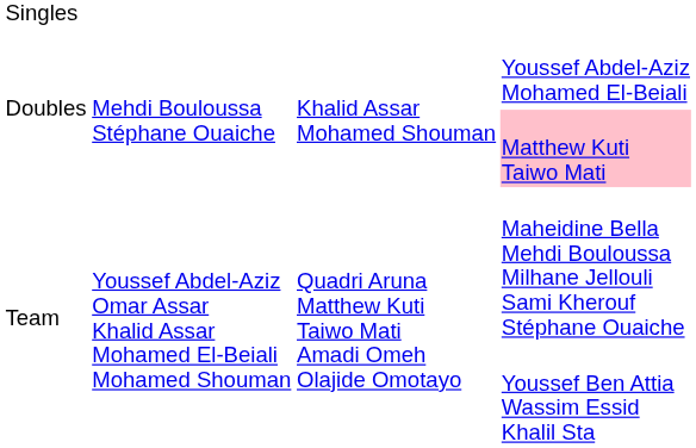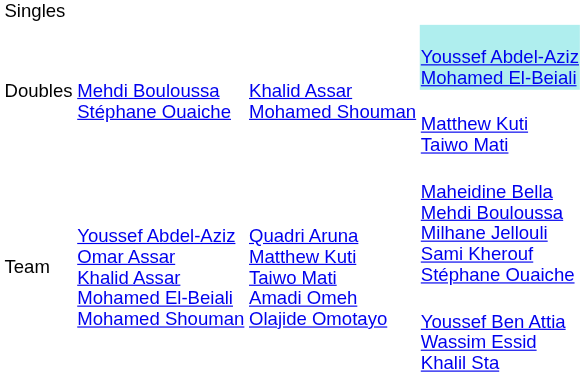 <table>
 <tr>
 <td rowspan=2>Singles<br></td>
 <td rowspan=2></td>
 <td rowspan=2></td>
 <td></td>
 </tr>
 <tr>
 <td></td>
 </tr>
 <tr>
 <td rowspan=2>Doubles<br></td>
 <td rowspan=2><br><a href='#'>Mehdi Bouloussa</a><br><a href='#'>Stéphane Ouaiche</a></td>
 <td rowspan=2><br><a href='#'>Khalid Assar</a><br><a href='#'>Mohamed Shouman</a></td>
-<td><br><a href='#'>Youssef Abdel-Aziz</a><br><a href='#'>Mohamed El-Beiali</a></td>
+<td style="background: paleturquoise;"><br><a href='#'>Youssef Abdel-Aziz</a><br><a href='#'>Mohamed El-Beiali</a></td>
 </tr>
 <tr>
-<td style="background: pink;"><br><a href='#'>Matthew Kuti</a><br><a href='#'>Taiwo Mati</a></td>
+<td><br><a href='#'>Matthew Kuti</a><br><a href='#'>Taiwo Mati</a></td>
 </tr>
 <tr>
 <td rowspan=2>Team<br></td>
 <td rowspan=2><br><a href='#'>Youssef Abdel-Aziz</a><br><a href='#'>Omar Assar</a><br><a href='#'>Khalid Assar</a><br><a href='#'>Mohamed El-Beiali</a><br><a href='#'>Mohamed Shouman</a></td>
 <td rowspan=2><br><a href='#'>Quadri Aruna</a><br><a href='#'>Matthew Kuti</a><br><a href='#'>Taiwo Mati</a><br><a href='#'>Amadi Omeh</a><br><a href='#'>Olajide Omotayo</a></td>
 <td><br><a href='#'>Maheidine Bella</a><br><a href='#'>Mehdi Bouloussa</a><br><a href='#'>Milhane Jellouli</a><br><a href='#'>Sami Kherouf</a><br><a href='#'>Stéphane Ouaiche</a></td>
 </tr>
 <tr>
 <td><br><a href='#'>Youssef Ben Attia</a><br><a href='#'>Wassim Essid</a><br><a href='#'>Khalil Sta</a></td>
 </tr>
 </table>
